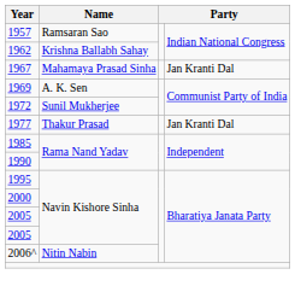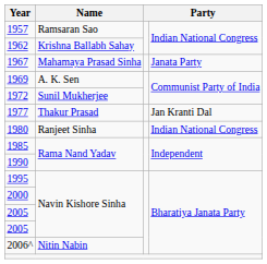 <table class="wikitable">
 <tr>
 <th>Year</th>
 <th>Name</th>
 <th colspan="2">Party</th>
 </tr>
 <tr>
 <td><a href='#'>1957</a></td>
 <td>Ramsaran Sao</td>
 <td rowspan="2" style="background-color: "></td>
 <td rowspan="2"><a href='#'>Indian National Congress</a></td>
 </tr>
 <tr>
 <td><a href='#'>1962</a></td>
 <td><a href='#'>Krishna Ballabh Sahay</a></td>
 </tr>
 <tr>
 <td><a href='#'>1967</a></td>
 <td><a href='#'>Mahamaya Prasad Sinha</a></td>
 <td style="background-color: "></td>
-<td>Jan Kranti Dal</td>
+<td><a href='#'>Janata Party</a></td>
 </tr>
 <tr>
 <td><a href='#'>1969</a></td>
 <td>A. K. Sen</td>
 <td rowspan="2" style="background-color: "></td>
 <td rowspan="2"><a href='#'>Communist Party of India</a></td>
 </tr>
 <tr>
 <td><a href='#'>1972</a></td>
 <td><a href='#'>Sunil Mukherjee</a></td>
 </tr>
 <tr>
 <td><a href='#'>1977</a></td>
 <td><a href='#'>Thakur Prasad</a></td>
 <td style="background-color: "></td>
 <td>Jan Kranti Dal</td>
+</tr>
+<tr>
+<td><a href='#'>1980</a></td>
+<td>Ranjeet Sinha</td>
+<td style="background-color: "></td>
+<td><a href='#'>Indian National Congress</a></td>
 </tr>
 <tr>
 <td><a href='#'>1985</a></td>
 <td rowspan="2"><a href='#'>Rama Nand Yadav</a></td>
 <td rowspan="2" style="background-color: "></td>
 <td rowspan="2"><a href='#'>Independent</a></td>
 </tr>
 <tr>
 <td><a href='#'>1990</a></td>
 </tr>
 <tr>
 <td><a href='#'>1995</a></td>
 <td rowspan="4">Navin Kishore Sinha</td>
 <td rowspan="5" style="background-color: "></td>
 <td rowspan="5"><a href='#'>Bharatiya Janata Party</a></td>
 </tr>
 <tr>
 <td><a href='#'>2000</a></td>
 </tr>
 <tr>
 <td><a href='#'>2005</a></td>
 </tr>
 <tr>
 <td><a href='#'>2005</a></td>
 </tr>
 <tr>
 <td>2006^</td>
 <td><a href='#'>Nitin Nabin</a></td>
 </tr>
 <tr>
 <td colspan="4"></td>
 </tr>
 </table>
